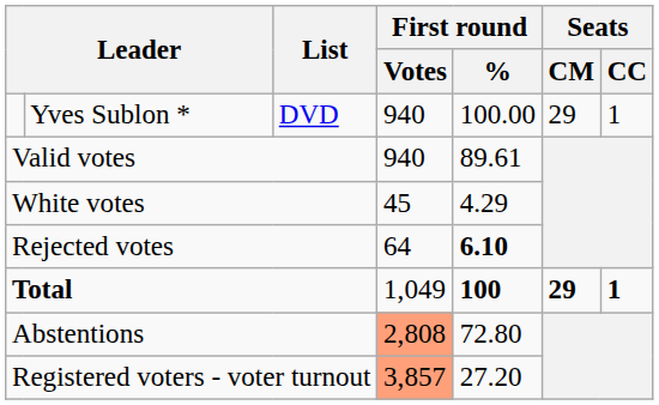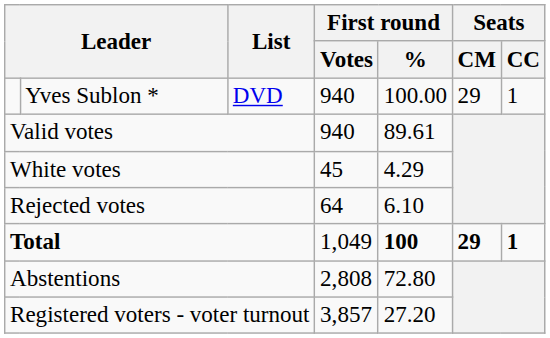 <table class="wikitable">
 <tr>
 <th colspan="2" rowspan="2">Leader</th>
 <th rowspan="2">List</th>
 <th colspan="2">First round</th>
 <th colspan="2">Seats</th>
 </tr>
 <tr>
 <th>Votes</th>
 <th>%</th>
 <th>CM</th>
 <th>CC</th>
 </tr>
 <tr>
 <td bgcolor=></td>
 <td>Yves Sublon *</td>
 <td><a href='#'>DVD</a></td>
 <td>940</td>
 <td>100.00</td>
 <td>29</td>
 <td>1</td>
 </tr>
 <tr>
 <td colspan="3">Valid votes</td>
 <td>940</td>
 <td>89.61</td>
 <th colspan="2" rowspan="3"></th>
 </tr>
 <tr>
 <td colspan="3">White votes</td>
 <td>45</td>
 <td>4.29</td>
 </tr>
 <tr>
 <td colspan="3">Rejected votes</td>
 <td>64</td>
-<td><strong>6.10</strong></td>
+<td>6.10</td>
 </tr>
 <tr>
 <td colspan="3"><strong>Total</strong></td>
 <td>1,049</td>
 <td><strong>100</strong></td>
 <td><strong>29</strong></td>
 <td><strong>1</strong></td>
 </tr>
 <tr>
 <td colspan="3">Abstentions</td>
-<td style="background: lightsalmon;">2,808</td>
+<td>2,808</td>
 <td>72.80</td>
 <th colspan="2" rowspan="2"></th>
 </tr>
 <tr>
 <td colspan="3">Registered voters - voter turnout</td>
-<td style="background: lightsalmon;">3,857</td>
+<td>3,857</td>
 <td>27.20</td>
 </tr>
 </table>
